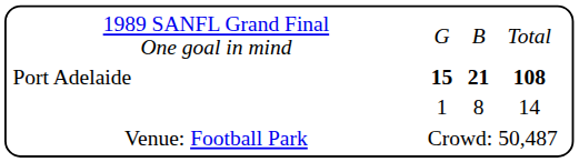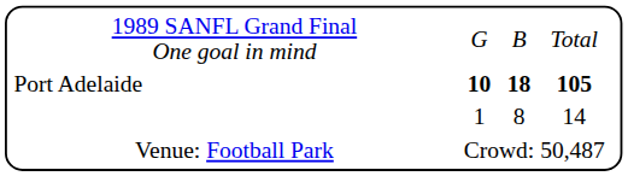 <table style="margin-right:4px; margin-top:8px; float:right; border:1px #000 solid; border-radius:8px; background:#fff; font-family:Verdana; font-size:8pt; text-align:center;">
 <tr>
 <td width=200><a href='#'>1989 SANFL Grand Final</a><br><em>One goal in mind</em></td>
 <td><em>G</em></td>
 <td><em>B</em></td>
 <td><em>Total</em></td>
 </tr>
 <tr>
 <td style="text-align:left">Port Adelaide</td>
-<td><strong>15</strong></td>
-<td><strong>21</strong></td>
-<td><strong>108</strong></td>
+<td><strong>10</strong></td>
+<td><strong>18</strong></td>
+<td><strong>105</strong></td>
 </tr>
 <tr>
 <td style="text-align:left"></td>
 <td>1</td>
 <td>8</td>
 <td>14</td>
 </tr>
 <tr>
 <td>Venue: <a href='#'>Football Park</a></td>
 <td colspan=3>Crowd: 50,487</td>
 <td colspan=3></td>
 </tr>
 </table>
